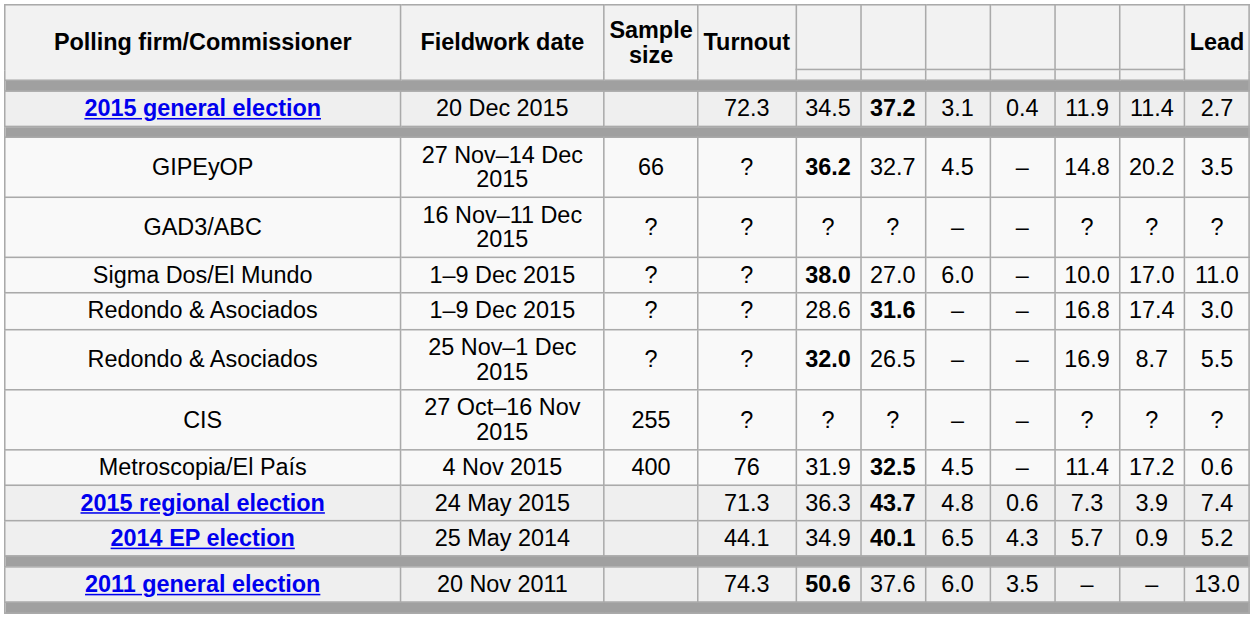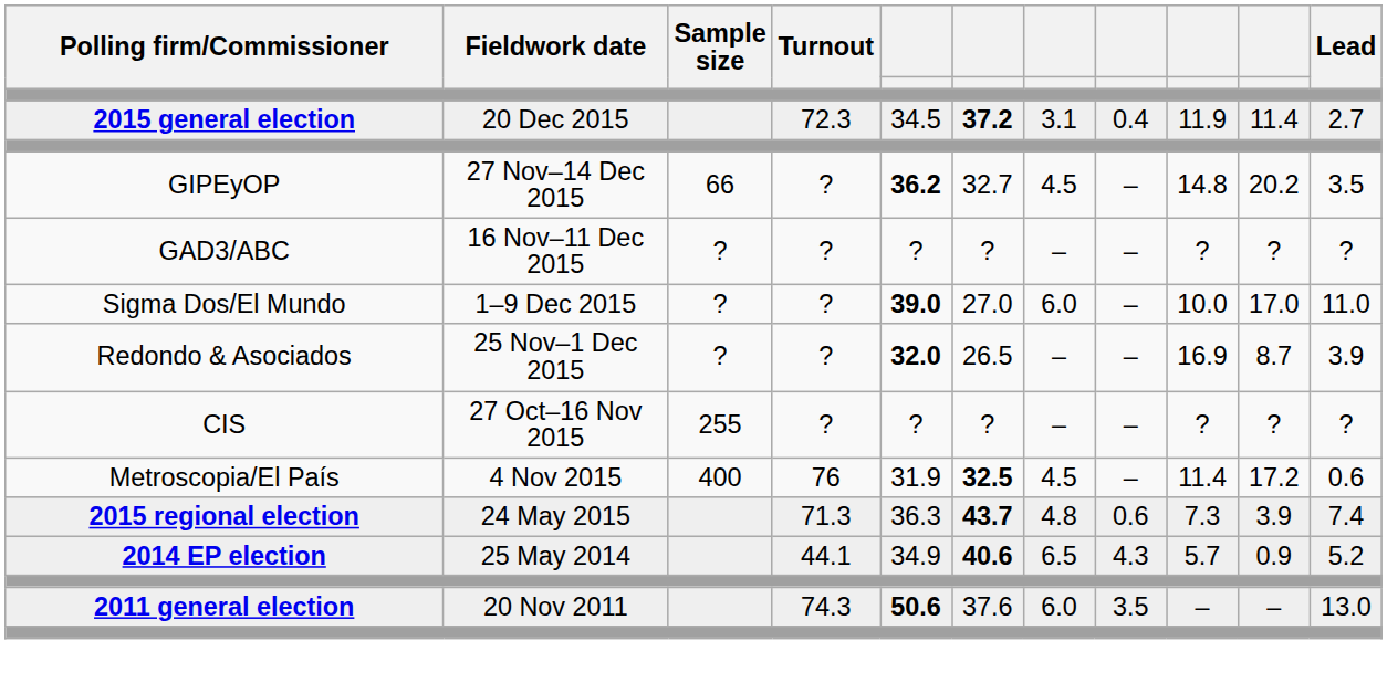 <table class="wikitable collapsible collapsed" style="text-align:center; font-size:95%; line-height:16px;">
 <tr style="height:42px; background-color:#E9E9E9">
 <th style="width:250px;" rowspan="2">Polling firm/Commissioner</th>
 <th style="width:125px;" rowspan="2">Fieldwork date</th>
 <th style="width:50px;" rowspan="2">Sample size</th>
 <th style="width:45px;" rowspan="2">Turnout</th>
 <th style="width:35px;"></th>
 <th style="width:35px;"></th>
 <th style="width:35px;"></th>
 <th style="width:35px;"></th>
 <th style="width:35px;"></th>
 <th style="width:35px;"></th>
 <th style="width:30px;" rowspan="2">Lead</th>
 </tr>
 <tr>
 <th style="color:inherit;background:"></th>
 <th style="color:inherit;background:"></th>
 <th style="color:inherit;background:"></th>
 <th style="color:inherit;background:"></th>
 <th style="color:inherit;background:"></th>
 <th style="color:inherit;background:"></th>
 </tr>
 <tr>
 <td colspan="11" style="background:#A0A0A0"></td>
 </tr>
 <tr style="background:#EFEFEF;">
 <td><strong><a href='#'>2015 general election</a></strong></td>
 <td>20 Dec 2015</td>
 <td></td>
 <td>72.3</td>
 <td>34.5<br></td>
 <td><strong>37.2</strong><br></td>
 <td>3.1<br></td>
 <td>0.4<br></td>
 <td>11.9<br></td>
 <td>11.4<br></td>
 <td style="background:">2.7</td>
 </tr>
 <tr>
 <td colspan="11" style="background:#A0A0A0"></td>
 </tr>
 <tr>
 <td>GIPEyOP</td>
 <td>27 Nov–14 Dec 2015</td>
 <td>66</td>
 <td>?</td>
 <td><strong>36.2</strong><br></td>
 <td>32.7<br></td>
 <td>4.5<br></td>
 <td>–</td>
 <td>14.8<br></td>
 <td>20.2<br></td>
 <td style="background:">3.5</td>
 </tr>
 <tr>
 <td>GAD3/ABC</td>
 <td>16 Nov–11 Dec 2015</td>
 <td>?</td>
 <td>?</td>
 <td>?<br></td>
 <td>?<br></td>
 <td>–</td>
 <td>–</td>
 <td>?<br></td>
 <td>?<br></td>
 <td style="background:">?</td>
 </tr>
 <tr>
 <td>Sigma Dos/El Mundo</td>
 <td>1–9 Dec 2015</td>
 <td>?</td>
 <td>?</td>
-<td><strong>38.0</strong><br></td>
+<td><strong>39.0</strong><br></td>
 <td>27.0<br></td>
 <td>6.0<br></td>
 <td>–</td>
 <td>10.0<br></td>
 <td>17.0<br></td>
 <td style="background:">11.0</td>
-</tr>
-<tr>
-<td>Redondo & Asociados</td>
-<td>1–9 Dec 2015</td>
-<td>?</td>
-<td>?</td>
-<td>28.6<br></td>
-<td><strong>31.6</strong><br></td>
-<td>–</td>
-<td>–</td>
-<td>16.8<br></td>
-<td>17.4<br></td>
-<td style="background:">3.0</td>
 </tr>
 <tr>
 <td>Redondo & Asociados</td>
 <td>25 Nov–1 Dec 2015</td>
 <td>?</td>
 <td>?</td>
 <td><strong>32.0</strong><br></td>
 <td>26.5<br></td>
 <td>–</td>
 <td>–</td>
 <td>16.9<br></td>
 <td>8.7<br></td>
-<td style="background:">5.5</td>
+<td style="background:">3.9</td>
 </tr>
 <tr>
 <td>CIS</td>
 <td>27 Oct–16 Nov 2015</td>
 <td>255</td>
 <td>?</td>
 <td>?<br></td>
 <td>?<br></td>
 <td>–</td>
 <td>–</td>
 <td>?<br></td>
 <td>?<br></td>
 <td style="background:">?</td>
 </tr>
 <tr>
 <td>Metroscopia/El País</td>
 <td>4 Nov 2015</td>
 <td>400</td>
 <td>76</td>
 <td>31.9<br></td>
 <td><strong>32.5</strong><br></td>
 <td>4.5<br></td>
 <td>–</td>
 <td>11.4<br></td>
 <td>17.2<br></td>
 <td style="background:">0.6</td>
 </tr>
 <tr style="background:#EFEFEF;">
 <td><strong><a href='#'>2015 regional election</a></strong></td>
 <td>24 May 2015</td>
 <td></td>
 <td>71.3</td>
 <td>36.3<br></td>
 <td><strong>43.7</strong><br></td>
 <td>4.8<br></td>
 <td>0.6<br></td>
 <td>7.3<br></td>
 <td>3.9<br></td>
 <td style="background:">7.4</td>
 </tr>
 <tr style="background:#EFEFEF;">
 <td><strong><a href='#'>2014 EP election</a></strong></td>
 <td>25 May 2014</td>
 <td></td>
 <td>44.1</td>
 <td>34.9<br></td>
-<td><strong>40.1</strong><br></td>
+<td><strong>40.6</strong><br></td>
 <td>6.5<br></td>
 <td>4.3<br></td>
 <td>5.7<br></td>
 <td>0.9<br></td>
 <td style="background:">5.2</td>
 </tr>
 <tr>
 <td colspan="11" style="background:#A0A0A0"></td>
 </tr>
 <tr style="background:#EFEFEF;">
 <td><strong><a href='#'>2011 general election</a></strong></td>
 <td>20 Nov 2011</td>
 <td></td>
 <td>74.3</td>
 <td><strong>50.6</strong><br></td>
 <td>37.6<br></td>
 <td>6.0<br></td>
 <td>3.5<br></td>
 <td>–</td>
 <td>–</td>
 <td style="background:">13.0</td>
 </tr>
 <tr>
 <td colspan="11" style="background:#A0A0A0"></td>
 </tr>
 </table>
